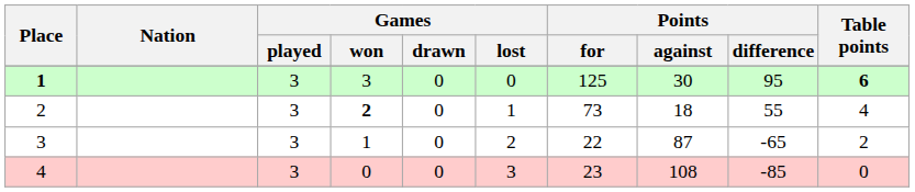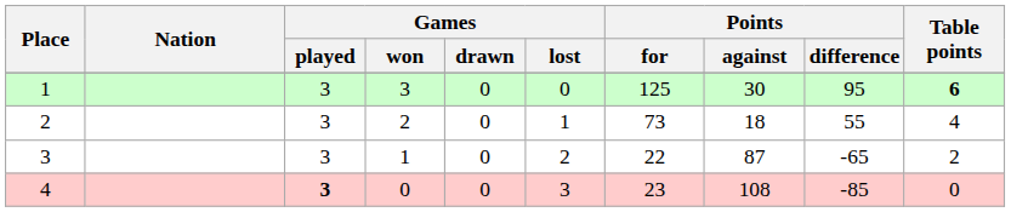 <table class="wikitable">
 <tr>
 <th rowspan=2 width="8%">Place</th>
 <th rowspan=2 width="20%">Nation</th>
 <th colspan=4 width="32%">Games</th>
 <th colspan=3 width="30%">Points</th>
 <th rowspan=2 width="10%">Table<br>points</th>
 </tr>
 <tr>
 <th width="8%">played</th>
 <th width="8%">won</th>
 <th width="8%">drawn</th>
 <th width="8%">lost</th>
 <th width="10%">for</th>
 <th width="10%">against</th>
 <th width="10%">difference</th>
 </tr>
 <tr>
 </tr>
 <tr bgcolor=#ccffcc align=center>
-<td><strong>1</strong></td>
+<td>1</td>
 <td align=left></td>
 <td>3</td>
 <td>3</td>
 <td>0</td>
 <td>0</td>
 <td>125</td>
 <td>30</td>
 <td>95</td>
 <td><strong>6</strong></td>
 </tr>
 <tr bgcolor=#ffffff align=center>
 <td>2</td>
 <td align=left></td>
 <td>3</td>
-<td><strong>2</strong></td>
+<td>2</td>
 <td>0</td>
 <td>1</td>
 <td>73</td>
 <td>18</td>
 <td>55</td>
 <td>4</td>
 </tr>
 <tr bgcolor=#ffffff align=center>
 <td>3</td>
 <td align=left></td>
 <td>3</td>
 <td>1</td>
 <td>0</td>
 <td>2</td>
 <td>22</td>
 <td>87</td>
 <td>-65</td>
 <td>2</td>
 </tr>
 <tr bgcolor=#ffcccc align=center>
 <td>4</td>
 <td align=left><em></em></td>
-<td>3</td>
+<td><strong>3</strong></td>
 <td>0</td>
 <td>0</td>
 <td>3</td>
 <td>23</td>
 <td>108</td>
 <td>-85</td>
 <td>0</td>
 </tr>
 </table>
